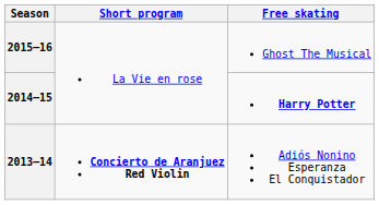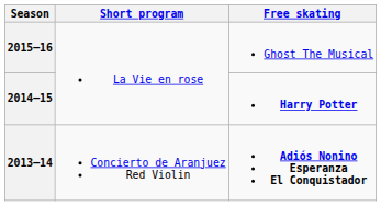 <table class=wikitable style=text-align:center>
 <tr>
 <th>Season</th>
 <th><a href='#'>Short program</a></th>
 <th><a href='#'>Free skating</a></th>
 </tr>
 <tr>
 <th>2015–16 <br></th>
 <td rowspan=2><br><ul><li><a href='#'>La Vie en rose</a> <br></li></ul></td>
 <td><br><ul><li><a href='#'>Ghost The Musical</a> <br></li></ul></td>
 </tr>
 <tr>
 <th>2014–15 <br></th>
 <td><strong><br><ul><li><a href='#'>Harry Potter</a> <br></li></ul></strong></td>
 </tr>
 <tr>
 <th>2013–14 <br></th>
-<td><strong><br><ul><li><a href='#'>Concierto de Aranjuez</a> <br></li><li>Red Violin <br></li></ul></strong></td>
-<td><br><ul><li><a href='#'>Adiós Nonino</a> <br></li><li>Esperanza <br></li><li>El Conquistador <br></li></ul></td>
+<td><br><ul><li><a href='#'>Concierto de Aranjuez</a> <br></li><li>Red Violin <br></li></ul></td>
+<td><strong><br><ul><li><a href='#'>Adiós Nonino</a> <br></li><li>Esperanza <br></li><li>El Conquistador <br></li></ul></strong></td>
 </tr>
 </table>
